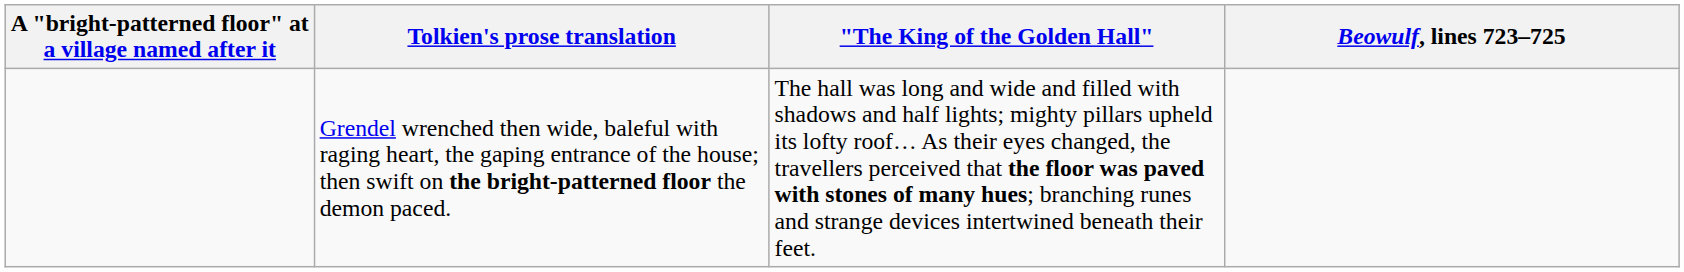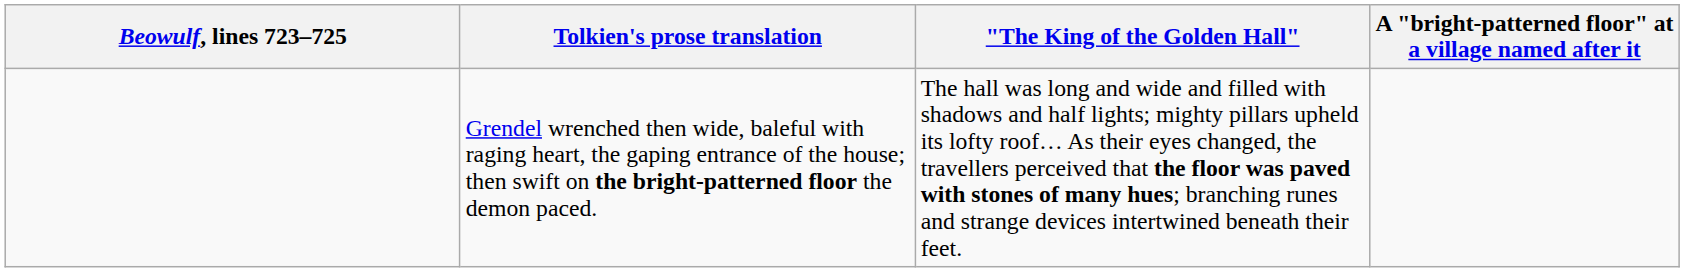 <table class="wikitable" style="margin: 1em auto;">
 <tr>
-<th>A "bright-patterned floor" at <br><a href='#'>a village named after it</a></th>
+<th scope="col" style="width: 300px;"><em><a href='#'>Beowulf</a></em>, lines 723–725</th>
 <th scope="col" style="width: 300px;"><a href='#'>Tolkien's prose translation</a></th>
 <th scope="col" style="width: 300px;"><a href='#'>"The King of the Golden Hall"</a></th>
-<th scope="col" style="width: 300px;"><em><a href='#'>Beowulf</a></em>, lines 723–725</th>
+<th>A "bright-patterned floor" at <br><a href='#'>a village named after it</a></th>
 </tr>
 <tr>
 <td></td>
 <td><a href='#'>Grendel</a> wrenched then wide, baleful with raging heart, the gaping entrance of the house; then swift on <strong>the bright-patterned floor</strong> the demon paced.</td>
 <td>The hall was long and wide and filled with shadows and half lights; mighty pillars upheld its lofty roof… As their eyes changed, the travellers perceived that <strong>the floor was paved with stones of many hues</strong>; branching runes and strange devices intertwined beneath their feet.</td>
 <td></td>
 </tr>
 </table>
